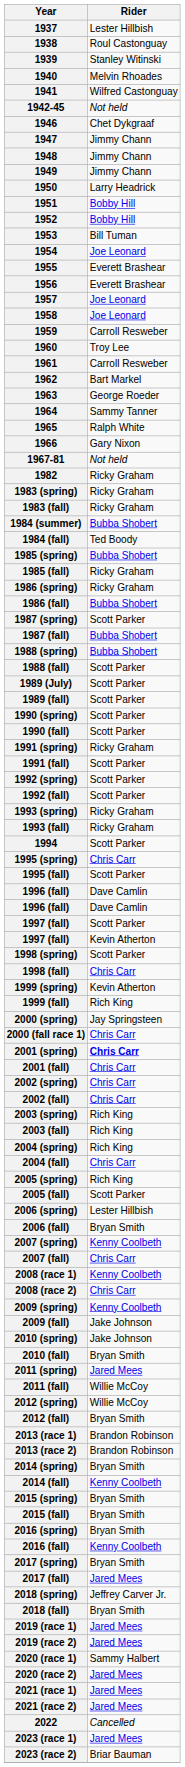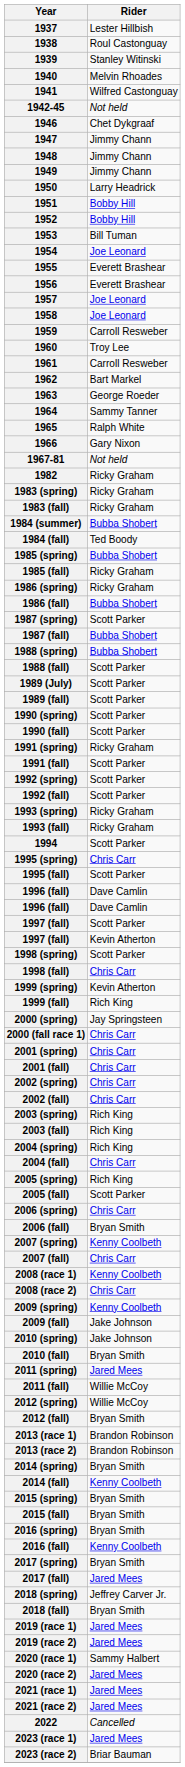 <table class="wikitable">
 <tr>
 <th>Year</th>
 <th>Rider</th>
 </tr>
 <tr>
 <th>1937</th>
 <td>Lester Hillbish</td>
 </tr>
 <tr>
 <th>1938</th>
 <td>Roul Castonguay</td>
 </tr>
 <tr>
 <th>1939</th>
 <td>Stanley Witinski</td>
 </tr>
 <tr>
 <th>1940</th>
 <td>Melvin Rhoades</td>
 </tr>
 <tr>
 <th>1941</th>
 <td>Wilfred Castonguay</td>
 </tr>
 <tr>
 <th>1942-45</th>
 <td><em>Not held</em></td>
 </tr>
 <tr>
 <th>1946</th>
 <td>Chet Dykgraaf</td>
 </tr>
 <tr>
 <th>1947</th>
 <td>Jimmy Chann</td>
 </tr>
 <tr>
 <th>1948</th>
 <td>Jimmy Chann</td>
 </tr>
 <tr>
 <th>1949</th>
 <td>Jimmy Chann</td>
 </tr>
 <tr>
 <th>1950</th>
 <td>Larry Headrick</td>
 </tr>
 <tr>
 <th>1951</th>
 <td><a href='#'>Bobby Hill</a></td>
 </tr>
 <tr>
 <th>1952</th>
 <td><a href='#'>Bobby Hill</a></td>
 </tr>
 <tr>
 <th>1953</th>
 <td>Bill Tuman</td>
 </tr>
 <tr>
 <th>1954</th>
 <td><a href='#'>Joe Leonard</a></td>
 </tr>
 <tr>
 <th>1955</th>
 <td>Everett Brashear</td>
 </tr>
 <tr>
 <th>1956</th>
 <td>Everett Brashear</td>
 </tr>
 <tr>
 <th>1957</th>
 <td><a href='#'>Joe Leonard</a></td>
 </tr>
 <tr>
 <th>1958</th>
 <td><a href='#'>Joe Leonard</a></td>
 </tr>
 <tr>
 <th>1959</th>
 <td>Carroll Resweber</td>
 </tr>
 <tr>
 <th>1960</th>
 <td>Troy Lee</td>
 </tr>
 <tr>
 <th>1961</th>
 <td>Carroll Resweber</td>
 </tr>
 <tr>
 <th>1962</th>
 <td>Bart Markel</td>
 </tr>
 <tr>
 <th>1963</th>
 <td>George Roeder</td>
 </tr>
 <tr>
 <th>1964</th>
 <td>Sammy Tanner</td>
 </tr>
 <tr>
 <th>1965</th>
 <td>Ralph White</td>
 </tr>
 <tr>
 <th>1966</th>
 <td>Gary Nixon</td>
 </tr>
 <tr>
 <th>1967-81</th>
 <td><em>Not held</em></td>
 </tr>
 <tr>
 <th>1982</th>
 <td>Ricky Graham</td>
 </tr>
 <tr>
 <th>1983 (spring)</th>
 <td>Ricky Graham</td>
 </tr>
 <tr>
 <th>1983 (fall)</th>
 <td>Ricky Graham</td>
 </tr>
 <tr>
 <th>1984 (summer)</th>
 <td><a href='#'>Bubba Shobert</a></td>
 </tr>
 <tr>
 <th>1984 (fall)</th>
 <td>Ted Boody</td>
 </tr>
 <tr>
 <th>1985 (spring)</th>
 <td><a href='#'>Bubba Shobert</a></td>
 </tr>
 <tr>
 <th>1985 (fall)</th>
 <td>Ricky Graham</td>
 </tr>
 <tr>
 <th>1986 (spring)</th>
 <td>Ricky Graham</td>
 </tr>
 <tr>
 <th>1986 (fall)</th>
 <td><a href='#'>Bubba Shobert</a></td>
 </tr>
 <tr>
 <th>1987 (spring)</th>
 <td>Scott Parker</td>
 </tr>
 <tr>
 <th>1987 (fall)</th>
 <td><a href='#'>Bubba Shobert</a></td>
 </tr>
 <tr>
 <th>1988 (spring)</th>
 <td><a href='#'>Bubba Shobert</a></td>
 </tr>
 <tr>
 <th>1988 (fall)</th>
 <td>Scott Parker</td>
 </tr>
 <tr>
 <th>1989 (July)</th>
 <td>Scott Parker</td>
 </tr>
 <tr>
 <th>1989 (fall)</th>
 <td>Scott Parker</td>
 </tr>
 <tr>
 <th>1990 (spring)</th>
 <td>Scott Parker</td>
 </tr>
 <tr>
 <th>1990 (fall)</th>
 <td>Scott Parker</td>
 </tr>
 <tr>
 <th>1991 (spring)</th>
 <td>Ricky Graham</td>
 </tr>
 <tr>
 <th>1991 (fall)</th>
 <td>Scott Parker</td>
 </tr>
 <tr>
 <th>1992 (spring)</th>
 <td>Scott Parker</td>
 </tr>
 <tr>
 <th>1992 (fall)</th>
 <td>Scott Parker</td>
 </tr>
 <tr>
 <th>1993 (spring)</th>
 <td>Ricky Graham</td>
 </tr>
 <tr>
 <th>1993 (fall)</th>
 <td>Ricky Graham</td>
 </tr>
 <tr>
 <th>1994</th>
 <td>Scott Parker</td>
 </tr>
 <tr>
 <th>1995 (spring)</th>
 <td><a href='#'>Chris Carr</a></td>
 </tr>
 <tr>
 <th>1995 (fall)</th>
 <td>Scott Parker</td>
 </tr>
 <tr>
 <th>1996 (fall)</th>
 <td>Dave Camlin</td>
 </tr>
 <tr>
 <th>1996 (fall)</th>
 <td>Dave Camlin</td>
 </tr>
 <tr>
 <th>1997 (fall)</th>
 <td>Scott Parker</td>
 </tr>
 <tr>
 <th>1997 (fall)</th>
 <td>Kevin Atherton</td>
 </tr>
 <tr>
 <th>1998 (spring)</th>
 <td>Scott Parker</td>
 </tr>
 <tr>
 <th>1998 (fall)</th>
 <td><a href='#'>Chris Carr</a></td>
 </tr>
 <tr>
 <th>1999 (spring)</th>
 <td>Kevin Atherton</td>
 </tr>
 <tr>
 <th>1999 (fall)</th>
 <td>Rich King</td>
 </tr>
 <tr>
 <th>2000 (spring)</th>
 <td>Jay Springsteen</td>
 </tr>
 <tr>
 <th>2000 (fall race 1)</th>
 <td><a href='#'>Chris Carr</a></td>
 </tr>
 <tr>
 <th>2001 (spring)</th>
-<td><strong><a href='#'>Chris Carr</a></strong></td>
+<td><a href='#'>Chris Carr</a></td>
 </tr>
 <tr>
 <th>2001 (fall)</th>
 <td><a href='#'>Chris Carr</a></td>
 </tr>
 <tr>
 <th>2002 (spring)</th>
 <td><a href='#'>Chris Carr</a></td>
 </tr>
 <tr>
 <th>2002 (fall)</th>
 <td><a href='#'>Chris Carr</a></td>
 </tr>
 <tr>
 <th>2003 (spring)</th>
 <td>Rich King</td>
 </tr>
 <tr>
 <th>2003 (fall)</th>
 <td>Rich King</td>
 </tr>
 <tr>
 <th>2004 (spring)</th>
 <td>Rich King</td>
 </tr>
 <tr>
 <th>2004 (fall)</th>
 <td><a href='#'>Chris Carr</a></td>
 </tr>
 <tr>
 <th>2005 (spring)</th>
 <td>Rich King</td>
 </tr>
 <tr>
 <th>2005 (fall)</th>
 <td>Scott Parker</td>
 </tr>
 <tr>
 <th>2006 (spring)</th>
-<td>Lester Hillbish</td>
+<td><a href='#'>Chris Carr</a></td>
 </tr>
 <tr>
 <th>2006 (fall)</th>
 <td>Bryan Smith</td>
 </tr>
 <tr>
 <th>2007 (spring)</th>
 <td><a href='#'>Kenny Coolbeth</a></td>
 </tr>
 <tr>
 <th>2007 (fall)</th>
 <td><a href='#'>Chris Carr</a></td>
 </tr>
 <tr>
 <th>2008 (race 1)</th>
 <td><a href='#'>Kenny Coolbeth</a></td>
 </tr>
 <tr>
 <th>2008 (race 2)</th>
 <td><a href='#'>Chris Carr</a></td>
 </tr>
 <tr>
 <th>2009 (spring)</th>
 <td><a href='#'>Kenny Coolbeth</a></td>
 </tr>
 <tr>
 <th>2009 (fall)</th>
 <td>Jake Johnson</td>
 </tr>
 <tr>
 <th>2010 (spring)</th>
 <td>Jake Johnson</td>
 </tr>
 <tr>
 <th>2010 (fall)</th>
 <td>Bryan Smith</td>
 </tr>
 <tr>
 <th>2011 (spring)</th>
 <td><a href='#'>Jared Mees</a></td>
 </tr>
 <tr>
 <th>2011 (fall)</th>
 <td>Willie McCoy</td>
 </tr>
 <tr>
 <th>2012 (spring)</th>
 <td>Willie McCoy</td>
 </tr>
 <tr>
 <th>2012 (fall)</th>
 <td>Bryan Smith</td>
 </tr>
 <tr>
 <th>2013 (race 1)</th>
 <td>Brandon Robinson</td>
 </tr>
 <tr>
 <th>2013 (race 2)</th>
 <td>Brandon Robinson</td>
 </tr>
 <tr>
 <th>2014 (spring)</th>
 <td>Bryan Smith</td>
 </tr>
 <tr>
 <th>2014 (fall)</th>
 <td><a href='#'>Kenny Coolbeth</a></td>
 </tr>
 <tr>
 <th>2015 (spring)</th>
 <td>Bryan Smith</td>
 </tr>
 <tr>
 <th>2015 (fall)</th>
 <td>Bryan Smith</td>
 </tr>
 <tr>
 <th>2016 (spring)</th>
 <td>Bryan Smith</td>
 </tr>
 <tr>
 <th>2016 (fall)</th>
 <td><a href='#'>Kenny Coolbeth</a></td>
 </tr>
 <tr>
 <th>2017 (spring)</th>
 <td>Bryan Smith</td>
 </tr>
 <tr>
 <th>2017 (fall)</th>
 <td><a href='#'>Jared Mees</a></td>
 </tr>
 <tr>
 <th>2018 (spring)</th>
 <td>Jeffrey Carver Jr.</td>
 </tr>
 <tr>
 <th>2018 (fall)</th>
 <td>Bryan Smith</td>
 </tr>
 <tr>
 <th>2019 (race 1)</th>
 <td><a href='#'>Jared Mees</a></td>
 </tr>
 <tr>
 <th>2019 (race 2)</th>
 <td><a href='#'>Jared Mees</a></td>
 </tr>
 <tr>
 <th>2020 (race 1)</th>
 <td>Sammy Halbert</td>
 </tr>
 <tr>
 <th>2020 (race 2)</th>
 <td><a href='#'>Jared Mees</a></td>
 </tr>
 <tr>
 <th>2021 (race 1)</th>
 <td><a href='#'>Jared Mees</a></td>
 </tr>
 <tr>
 <th>2021 (race 2)</th>
 <td><a href='#'>Jared Mees</a></td>
 </tr>
 <tr>
 <th>2022</th>
 <td><em>Cancelled</em></td>
 </tr>
 <tr>
 <th>2023 (race 1)</th>
 <td><a href='#'>Jared Mees</a></td>
 </tr>
 <tr>
 <th>2023 (race 2)</th>
 <td>Briar Bauman</td>
 </tr>
 <tr>
 </tr>
 </table>
